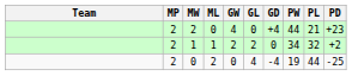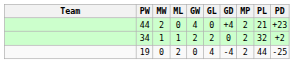 <table class=wikitable style="text-align:center">
 <tr>
 <th width=200>Team</th>
-<th width=20>MP</th>
+<th width=20>PW</th>
 <th width=20>MW</th>
 <th width=20>ML</th>
 <th width=20>GW</th>
 <th width=20>GL</th>
 <th width=20>GD</th>
-<th width=20>PW</th>
+<th width=20>MP</th>
 <th width=20>PL</th>
 <th width=20>PD</th>
 </tr>
 <tr style="background:#cfc;">
 <td align=left><br></td>
-<td>2</td>
+<td>44</td>
 <td>2</td>
 <td>0</td>
 <td>4</td>
 <td>0</td>
 <td>+4</td>
-<td>44</td>
+<td>2</td>
 <td>21</td>
 <td>+23</td>
 </tr>
 <tr style="background:#cfc;">
 <td align=left><br></td>
-<td>2</td>
+<td>34</td>
 <td>1</td>
 <td>1</td>
 <td>2</td>
 <td>2</td>
 <td>0</td>
-<td>34</td>
+<td>2</td>
 <td>32</td>
 <td>+2</td>
 </tr>
 <tr>
 <td align=left><br></td>
-<td>2</td>
+<td>19</td>
 <td>0</td>
 <td>2</td>
 <td>0</td>
 <td>4</td>
 <td>-4</td>
-<td>19</td>
+<td>2</td>
 <td>44</td>
 <td>-25</td>
 </tr>
 </table>
